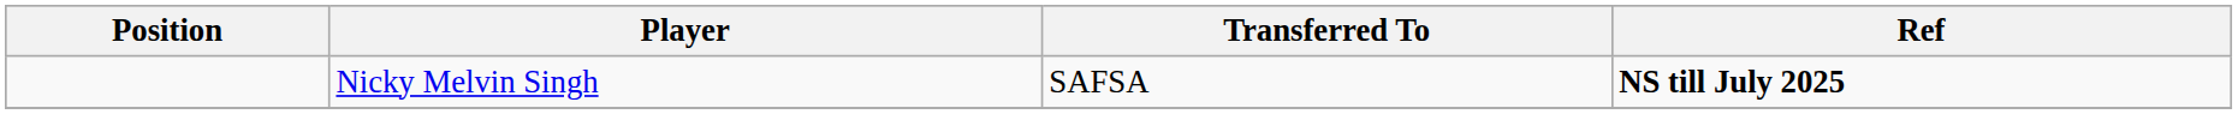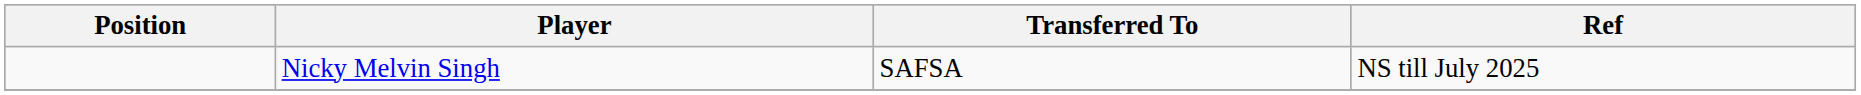 <table class="wikitable sortable" style="width:70%; text-align:center; font-size:100%; text-align:left;">
 <tr>
 <th>Position</th>
 <th>Player</th>
 <th>Transferred To</th>
 <th>Ref</th>
 </tr>
 <tr>
 <td></td>
 <td> <a href='#'>Nicky Melvin Singh</a></td>
 <td> SAFSA</td>
-<td><strong>NS till July 2025 </strong></td>
+<td>NS till July 2025 </td>
 </tr>
 <tr>
 </tr>
 </table>
